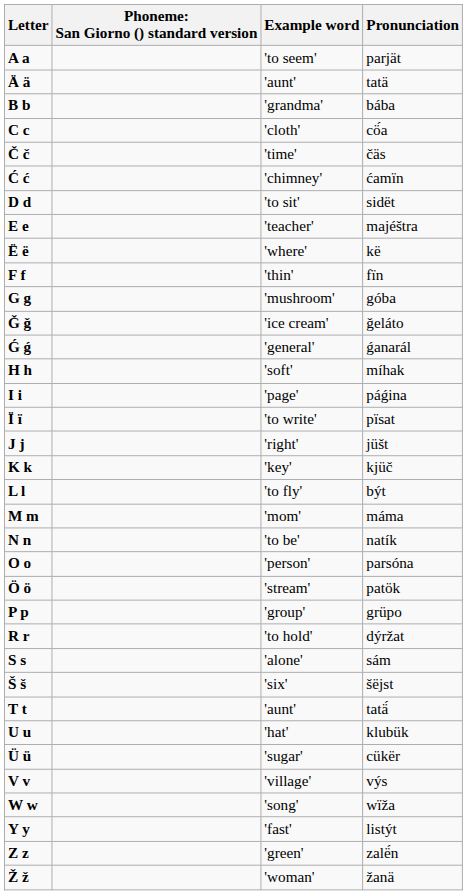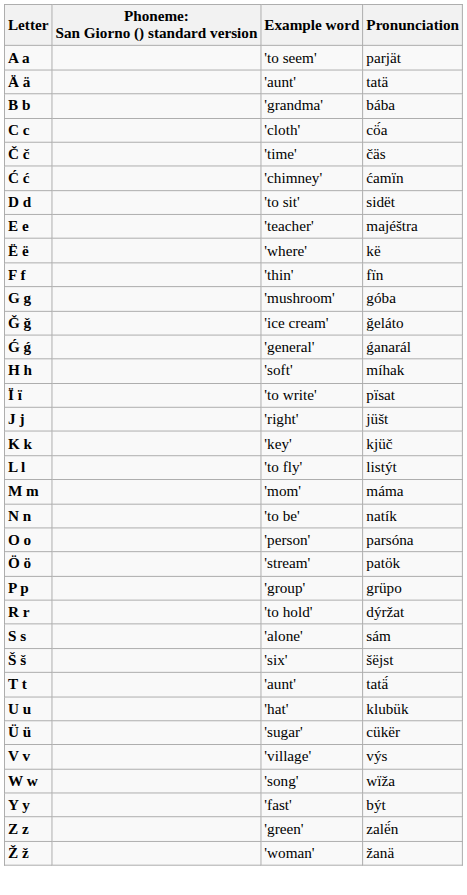 <table class="wikitable">
 <tr>
 <th>Letter</th>
 <th>Phoneme:<br>San Giorno () standard version</th>
 <th>Example word</th>
 <th>Pronunciation</th>
 </tr>
 <tr>
 <td><strong>A a</strong></td>
 <td></td>
 <td> 'to seem'</td>
 <td> parjät</td>
 </tr>
 <tr>
 <td><strong>Ä ä</strong></td>
 <td></td>
 <td> 'aunt'</td>
 <td> tatä</td>
 </tr>
 <tr>
 <td><strong>B b</strong></td>
 <td></td>
 <td> 'grandma'</td>
 <td> bába</td>
 </tr>
 <tr>
 <td><strong>C c</strong></td>
 <td></td>
 <td> 'cloth'</td>
 <td> cö́a</td>
 </tr>
 <tr>
 <td><strong>Č č</strong></td>
 <td></td>
 <td> 'time'</td>
 <td> čäs</td>
 </tr>
 <tr>
 <td><strong>Ć ć</strong></td>
 <td></td>
 <td> 'chimney'</td>
 <td> ćamïn</td>
 </tr>
 <tr>
 <td><strong>D d</strong></td>
 <td></td>
 <td> 'to sit'</td>
 <td> sidët</td>
 </tr>
 <tr>
 <td><strong>E e</strong></td>
 <td></td>
 <td> 'teacher'</td>
 <td> majéštra</td>
 </tr>
 <tr>
 <td><strong>Ë ë</strong></td>
 <td></td>
 <td> 'where'</td>
 <td> kë</td>
 </tr>
 <tr>
 <td><strong>F f</strong></td>
 <td></td>
 <td> 'thin'</td>
 <td> fïn</td>
 </tr>
 <tr>
 <td><strong>G g</strong></td>
 <td></td>
 <td> 'mushroom'</td>
 <td> góba</td>
 </tr>
 <tr>
 <td><strong>Ǧ ǧ</strong></td>
 <td></td>
 <td> 'ice cream'</td>
 <td> ǧeláto</td>
 </tr>
 <tr>
 <td><strong>Ǵ ǵ</strong></td>
 <td></td>
 <td> 'general'</td>
 <td> ǵanarál</td>
 </tr>
 <tr>
 <td><strong>H h</strong></td>
 <td></td>
 <td> 'soft'</td>
 <td> míhak</td>
 </tr>
 <tr>
-<td><strong>I i</strong></td>
-<td></td>
-<td> 'page'</td>
-<td> páǵina</td>
-</tr>
-<tr>
 <td><strong>Ï ï</strong></td>
 <td></td>
 <td> 'to write'</td>
 <td> pïsat</td>
 </tr>
 <tr>
 <td><strong>J j</strong></td>
 <td></td>
 <td> 'right'</td>
 <td> jüšt</td>
 </tr>
 <tr>
 <td><strong>K k</strong></td>
 <td></td>
 <td> 'key'</td>
 <td> kjüč</td>
 </tr>
 <tr>
 <td><strong>L l</strong></td>
 <td></td>
 <td> 'to fly'</td>
-<td> být</td>
+<td> listýt</td>
 </tr>
 <tr>
 <td><strong>M m</strong></td>
 <td></td>
 <td> 'mom'</td>
 <td> máma</td>
 </tr>
 <tr>
 <td><strong>N n</strong></td>
 <td></td>
 <td> 'to be'</td>
 <td> natík</td>
 </tr>
 <tr>
 <td><strong>O o</strong></td>
 <td></td>
 <td> 'person'</td>
 <td> parsóna</td>
 </tr>
 <tr>
 <td><strong>Ö ö</strong></td>
 <td></td>
 <td> 'stream'</td>
 <td> patök</td>
 </tr>
 <tr>
 <td><strong>P p</strong></td>
 <td></td>
 <td> 'group'</td>
 <td> grüpo</td>
 </tr>
 <tr>
 <td><strong>R r</strong></td>
 <td></td>
 <td> 'to hold'</td>
 <td> dýržat</td>
 </tr>
 <tr>
 <td><strong>S s</strong></td>
 <td></td>
 <td> 'alone'</td>
 <td> sám</td>
 </tr>
 <tr>
 <td><strong>Š š</strong></td>
 <td></td>
 <td> 'six'</td>
 <td> šëjst</td>
 </tr>
 <tr>
 <td><strong>T t</strong></td>
 <td></td>
 <td> 'aunt'</td>
 <td> tatä́</td>
 </tr>
 <tr>
 <td><strong>U u</strong></td>
 <td></td>
 <td> 'hat'</td>
 <td> klubük</td>
 </tr>
 <tr>
 <td><strong>Ü ü</strong></td>
 <td></td>
 <td> 'sugar'</td>
 <td> cükër</td>
 </tr>
 <tr>
 <td><strong>V v</strong></td>
 <td></td>
 <td> 'village'</td>
 <td> výs</td>
 </tr>
 <tr>
 <td><strong>W w</strong></td>
 <td></td>
 <td> 'song'</td>
 <td> wïža</td>
 </tr>
 <tr>
 <td><strong>Y y</strong></td>
 <td></td>
 <td> 'fast'</td>
-<td> listýt</td>
+<td> být</td>
 </tr>
 <tr>
 <td><strong>Z z</strong></td>
 <td></td>
 <td> 'green'</td>
 <td> zalë́n</td>
 </tr>
 <tr>
 <td><strong>Ž ž</strong></td>
 <td></td>
 <td> 'woman'</td>
 <td> žanä</td>
 </tr>
 </table>
